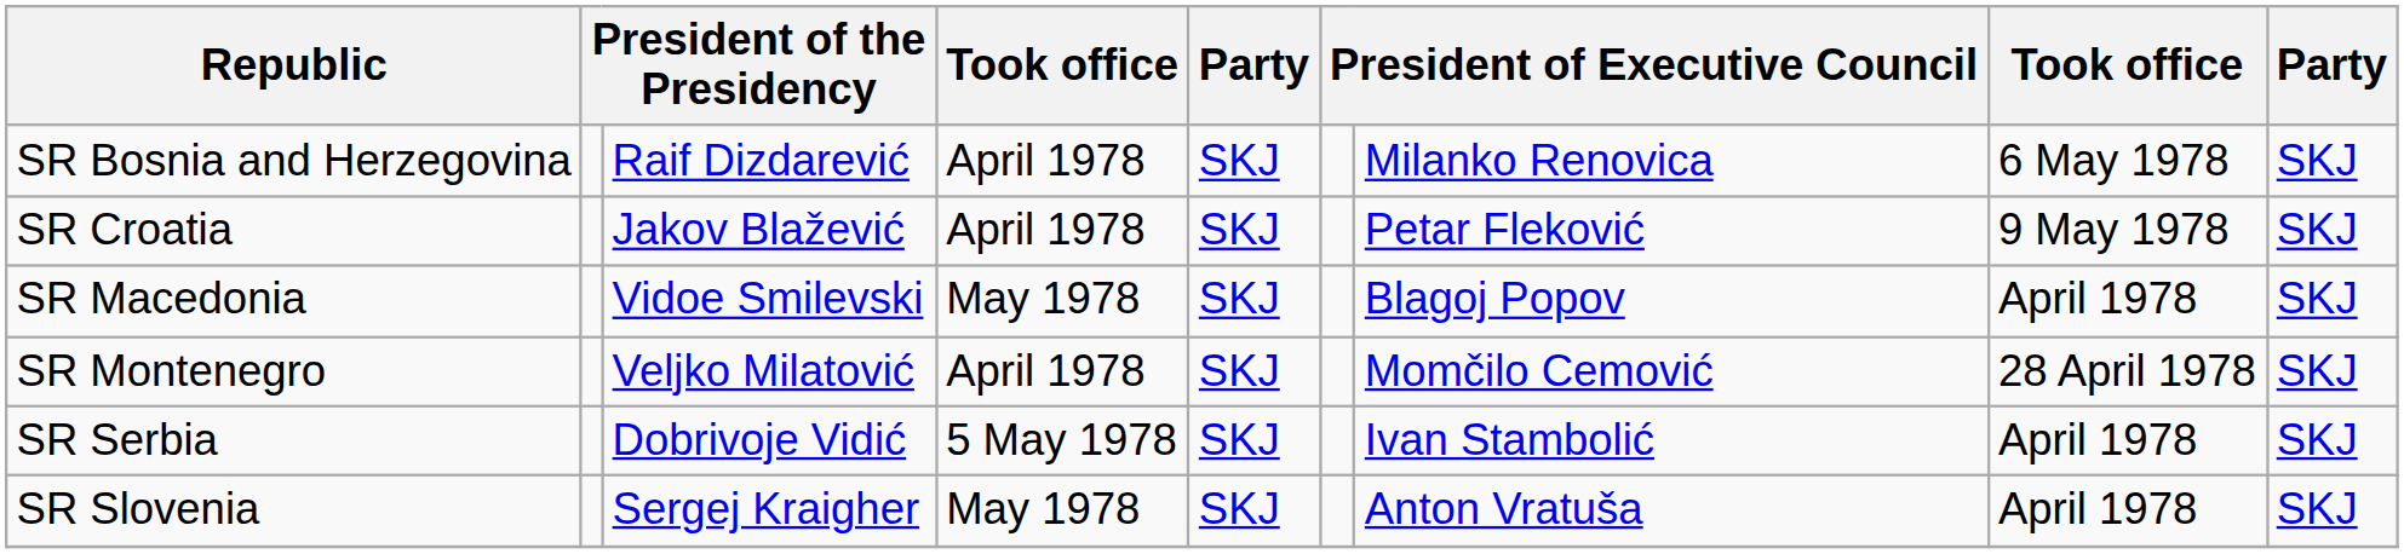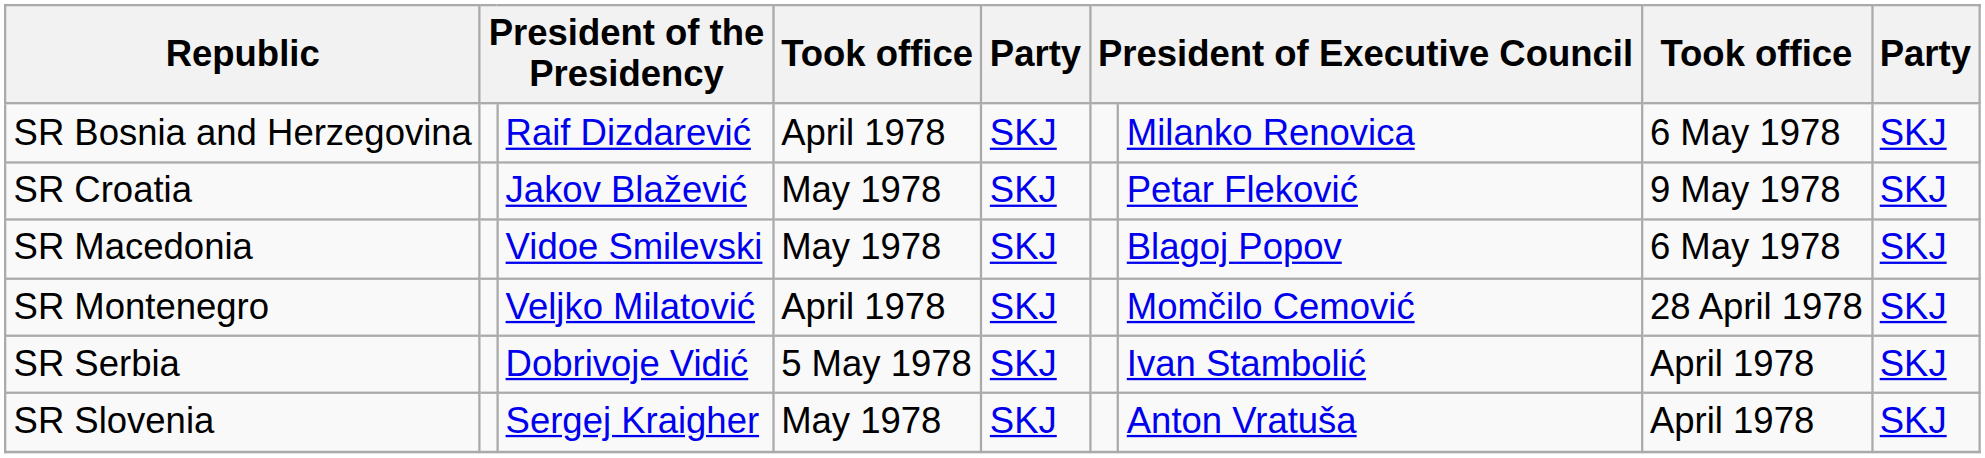 <table class="wikitable">
 <tr>
 <th style="text-align: center;">Republic</th>
 <th colspan="2" style="text-align: center;">President of the<br>Presidency</th>
 <th style="text-align: center;">Took office</th>
 <th style="text-align: center;">Party</th>
 <th colspan="2" style="text-align: center;">President of Executive Council</th>
 <th style="text-align: center;">Took office</th>
 <th style="text-align: center;">Party</th>
 </tr>
 <tr>
 <td>SR Bosnia and Herzegovina</td>
 <td style="background:"></td>
 <td><a href='#'>Raif Dizdarević</a></td>
 <td>April 1978</td>
 <td><a href='#'>SKJ</a></td>
 <td style="background:"></td>
 <td><a href='#'>Milanko Renovica</a></td>
 <td>6 May 1978</td>
 <td><a href='#'>SKJ</a></td>
 </tr>
 <tr>
 <td>SR Croatia</td>
 <td style="background:"></td>
 <td><a href='#'>Jakov Blažević</a></td>
-<td>April 1978</td>
+<td>May 1978</td>
 <td><a href='#'>SKJ</a></td>
 <td style="background:"></td>
 <td><a href='#'>Petar Fleković</a></td>
 <td>9 May 1978</td>
 <td><a href='#'>SKJ</a></td>
 </tr>
 <tr>
 <td>SR Macedonia</td>
 <td style="background:"></td>
 <td><a href='#'>Vidoe Smilevski</a></td>
 <td>May 1978</td>
 <td><a href='#'>SKJ</a></td>
 <td style="background:"></td>
 <td><a href='#'>Blagoj Popov</a></td>
-<td>April 1978</td>
+<td>6 May 1978</td>
 <td><a href='#'>SKJ</a></td>
 </tr>
 <tr>
 <td>SR Montenegro</td>
 <td style="background:"></td>
 <td><a href='#'>Veljko Milatović</a></td>
 <td>April 1978</td>
 <td><a href='#'>SKJ</a></td>
 <td style="background:"></td>
 <td><a href='#'>Momčilo Cemović</a></td>
 <td>28 April 1978</td>
 <td><a href='#'>SKJ</a></td>
 </tr>
 <tr>
 <td>SR Serbia</td>
 <td style="background:"></td>
 <td><a href='#'>Dobrivoje Vidić</a></td>
 <td>5 May 1978</td>
 <td><a href='#'>SKJ</a></td>
 <td style="background:"></td>
 <td><a href='#'>Ivan Stambolić</a></td>
 <td>April 1978</td>
 <td><a href='#'>SKJ</a></td>
 </tr>
 <tr>
 <td>SR Slovenia</td>
 <td style="background:"></td>
 <td><a href='#'>Sergej Kraigher</a></td>
 <td>May 1978</td>
 <td><a href='#'>SKJ</a></td>
 <td style="background:"></td>
 <td><a href='#'>Anton Vratuša</a></td>
 <td>April 1978</td>
 <td><a href='#'>SKJ</a></td>
 </tr>
 <tr>
 </tr>
 </table>
